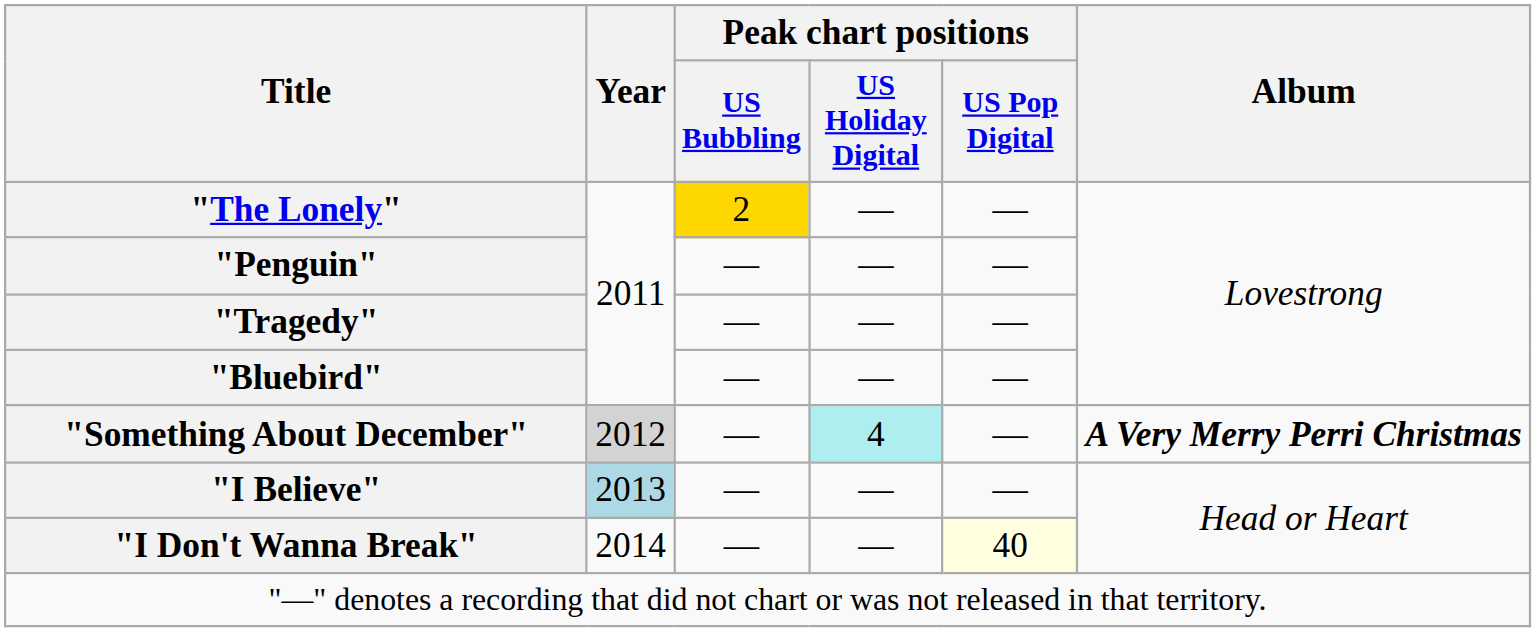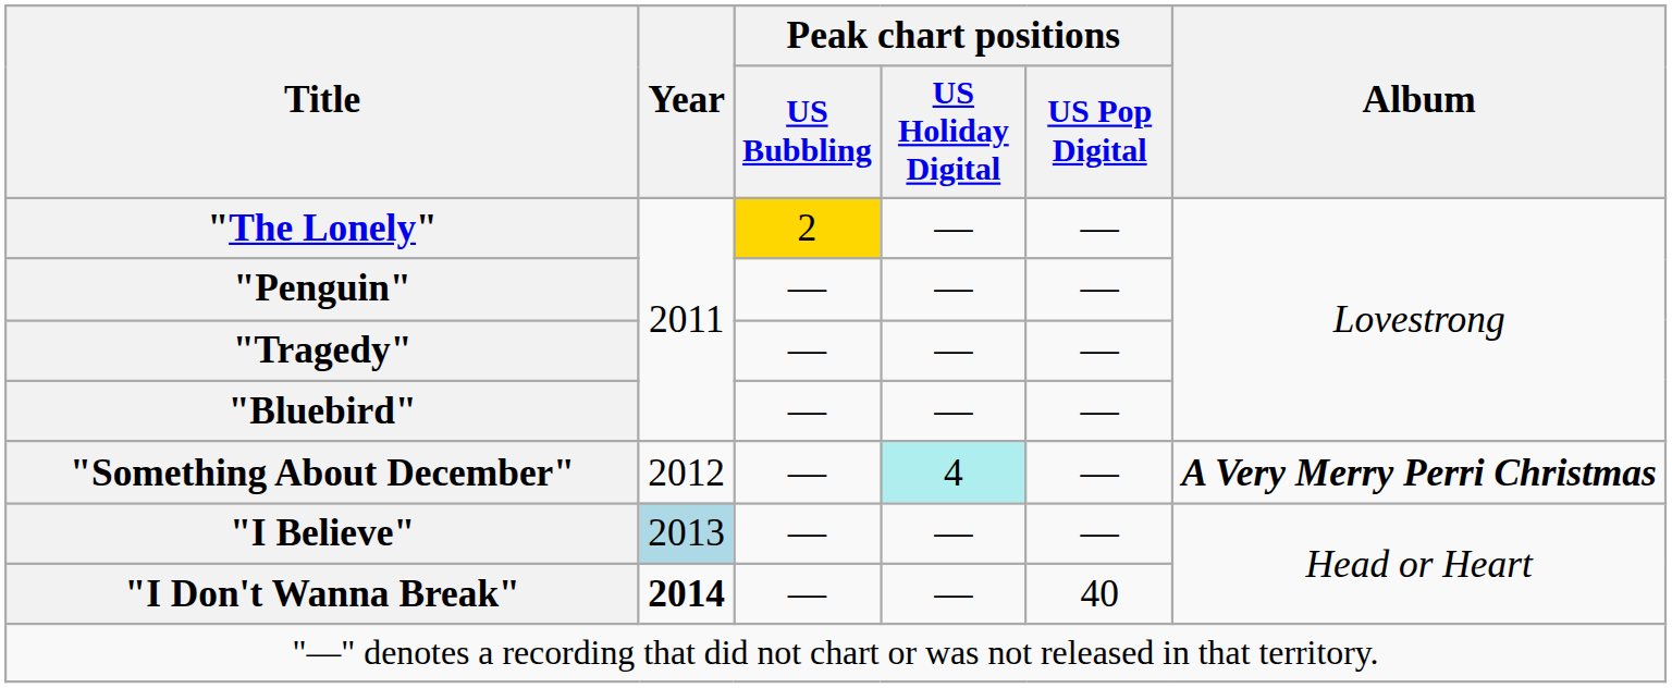 <table class="wikitable plainrowheaders" style="text-align:center;">
 <tr>
 <th scope="col" rowspan="2" style="width:16em;">Title</th>
 <th scope="col" rowspan="2" style="width:1em;">Year</th>
 <th scope="col" colspan="3">Peak chart positions</th>
 <th scope="col" rowspan="2">Album</th>
 </tr>
 <tr>
 <th scope="col" style="width:4em;font-size:85%;"><a href='#'>US<br>Bubbling</a><br></th>
 <th scope="col" style="width:4em;font-size:85%;"><a href='#'>US Holiday Digital</a><br></th>
 <th scope="col" style="width:4em;font-size:85%;"><a href='#'>US Pop Digital</a><br></th>
 </tr>
 <tr>
 <th scope="row">"<a href='#'>The Lonely</a>"</th>
 <td rowspan="4">2011</td>
 <td style="background: gold;">2</td>
 <td>—</td>
 <td>—</td>
 <td rowspan="4"><em>Lovestrong</em></td>
 </tr>
 <tr>
 <th scope="row">"Penguin"</th>
 <td>—</td>
 <td>—</td>
 <td>—</td>
 </tr>
 <tr>
 <th scope="row">"Tragedy"</th>
 <td>—</td>
 <td>—</td>
 <td>—</td>
 </tr>
 <tr>
 <th scope="row">"Bluebird"</th>
 <td>—</td>
 <td>—</td>
 <td>—</td>
 </tr>
 <tr>
 <th scope="row">"Something About December"</th>
-<td style="background: lightgrey;">2012</td>
+<td>2012</td>
 <td>—</td>
 <td style="background: paleturquoise;">4</td>
 <td>—</td>
 <td><strong><em>A Very Merry Perri Christmas</em></strong></td>
 </tr>
 <tr>
 <th scope="row">"I Believe"</th>
 <td style="background: lightblue;">2013</td>
 <td>—</td>
 <td>—</td>
 <td>—</td>
 <td rowspan="2"><em>Head or Heart</em></td>
 </tr>
 <tr>
 <th scope="row">"I Don't Wanna Break"</th>
-<td>2014</td>
+<td><strong>2014</strong></td>
 <td>—</td>
 <td>—</td>
-<td style="background: lightyellow;">40</td>
+<td>40</td>
 </tr>
 <tr>
 <td colspan="15" style="font-size:90%">"—" denotes a recording that did not chart or was not released in that territory.</td>
 </tr>
 </table>
